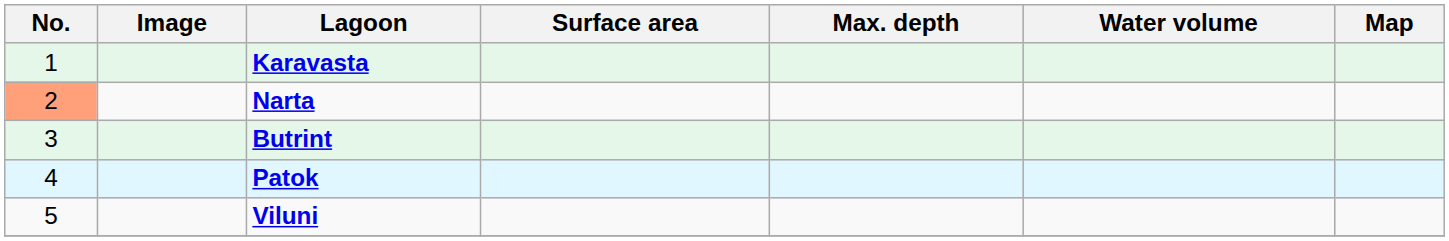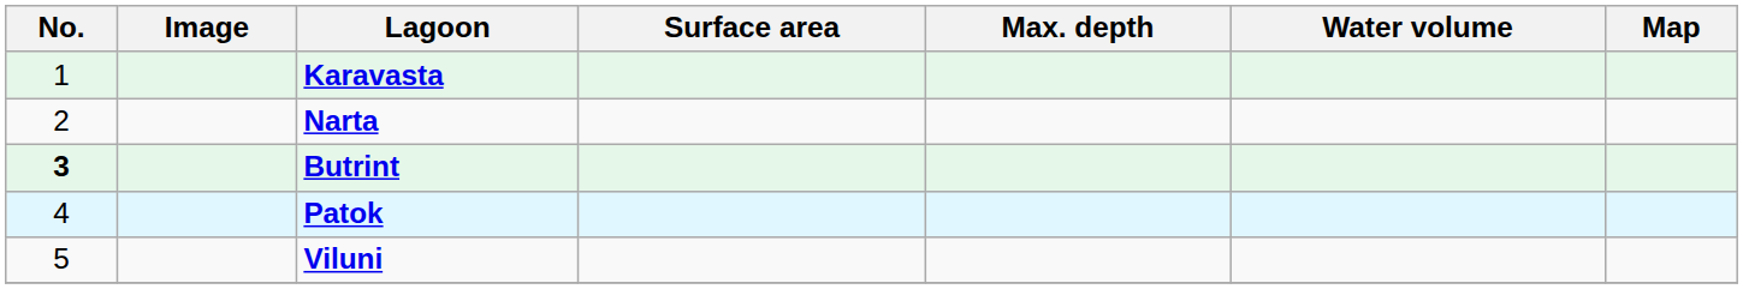 <table class="wikitable sortable"; width="75%">
 <tr>
 <th>No.</th>
 <th class="unsortable">Image</th>
 <th>Lagoon</th>
 <th>Surface area</th>
 <th>Max. depth</th>
 <th>Water volume</th>
 <th class="unsortable">Map</th>
 </tr>
 <tr bgcolor="#e5f7e9">
 <td align="center">1</td>
 <td></td>
 <td><strong><a href='#'>Karavasta</a></strong></td>
 <td></td>
 <td></td>
 <td></td>
 <td></td>
 </tr>
 <tr>
-<td align="center" style="background: lightsalmon;">2</td>
+<td align="center">2</td>
 <td></td>
 <td><strong><a href='#'>Narta</a></strong></td>
 <td></td>
 <td></td>
 <td></td>
 <td></td>
 </tr>
 <tr bgcolor="#e5f7e9">
-<td align="center">3</td>
+<td align="center"><strong>3</strong></td>
 <td></td>
 <td><strong><a href='#'>Butrint</a></strong></td>
 <td></td>
 <td></td>
 <td></td>
 <td></td>
 </tr>
 <tr bgcolor="#e1f7ff">
 <td align="center">4</td>
 <td></td>
 <td><strong><a href='#'>Patok</a></strong></td>
 <td></td>
 <td></td>
 <td></td>
 <td></td>
 </tr>
 <tr>
 <td align="center">5</td>
 <td></td>
 <td><strong><a href='#'>Viluni</a></strong></td>
 <td></td>
 <td></td>
 <td></td>
 <td></td>
 </tr>
 <tr>
 </tr>
 </table>
